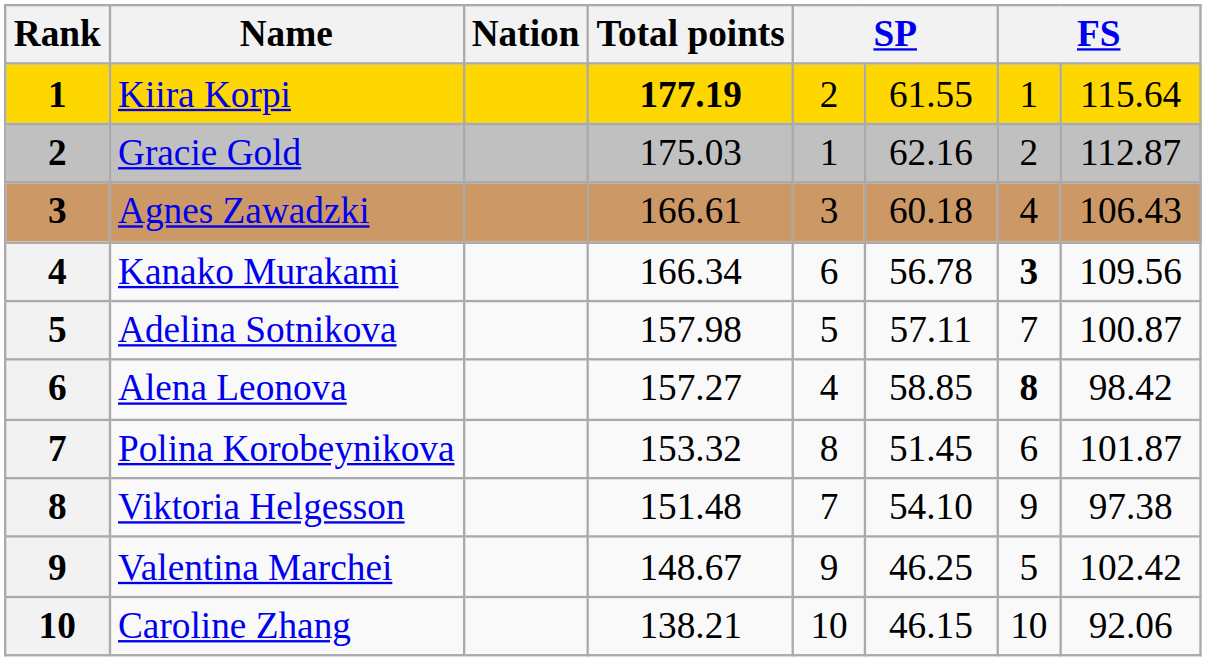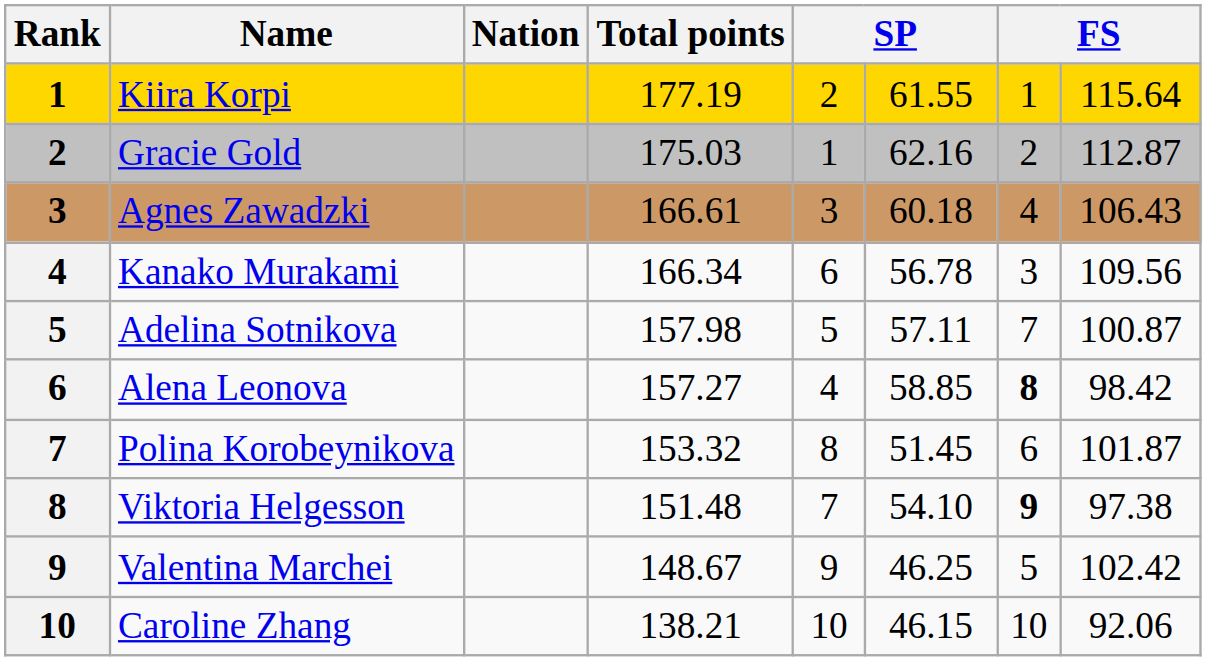 <table class="wikitable sortable">
 <tr>
 <th>Rank</th>
 <th>Name</th>
 <th>Nation</th>
 <th>Total points</th>
 <th colspan="2" width="80px"><a href='#'>SP</a></th>
 <th colspan="2" width="80px"><a href='#'>FS</a></th>
 </tr>
 <tr bgcolor="gold">
 <td align="center"><strong>1</strong></td>
 <td><a href='#'>Kiira Korpi</a></td>
 <td></td>
-<td align="center"><strong>177.19</strong></td>
+<td align="center">177.19</td>
 <td align="center">2</td>
 <td align="center">61.55</td>
 <td align="center">1</td>
 <td align="center">115.64</td>
 </tr>
 <tr bgcolor="silver">
 <td align="center"><strong>2</strong></td>
 <td><a href='#'>Gracie Gold</a></td>
 <td></td>
 <td align="center">175.03</td>
 <td align="center">1</td>
 <td align="center">62.16</td>
 <td align="center">2</td>
 <td align="center">112.87</td>
 </tr>
 <tr bgcolor="cc9966">
 <td align="center"><strong>3</strong></td>
 <td><a href='#'>Agnes Zawadzki</a></td>
 <td></td>
 <td align="center">166.61</td>
 <td align="center">3</td>
 <td align="center">60.18</td>
 <td align="center">4</td>
 <td align="center">106.43</td>
 </tr>
 <tr>
 <th>4</th>
 <td><a href='#'>Kanako Murakami</a></td>
 <td></td>
 <td align="center">166.34</td>
 <td align="center">6</td>
 <td align="center">56.78</td>
-<td align="center"><strong>3</strong></td>
+<td align="center">3</td>
 <td align="center">109.56</td>
 </tr>
 <tr>
 <th>5</th>
 <td><a href='#'>Adelina Sotnikova</a></td>
 <td></td>
 <td align="center">157.98</td>
 <td align="center">5</td>
 <td align="center">57.11</td>
 <td align="center">7</td>
 <td align="center">100.87</td>
 </tr>
 <tr>
 <th>6</th>
 <td><a href='#'>Alena Leonova</a></td>
 <td></td>
 <td align="center">157.27</td>
 <td align="center">4</td>
 <td align="center">58.85</td>
 <td align="center"><strong>8</strong></td>
 <td align="center">98.42</td>
 </tr>
 <tr>
 <th>7</th>
 <td><a href='#'>Polina Korobeynikova</a></td>
 <td></td>
 <td align="center">153.32</td>
 <td align="center">8</td>
 <td align="center">51.45</td>
 <td align="center">6</td>
 <td align="center">101.87</td>
 </tr>
 <tr>
 <th>8</th>
 <td><a href='#'>Viktoria Helgesson</a></td>
 <td></td>
 <td align="center">151.48</td>
 <td align="center">7</td>
 <td align="center">54.10</td>
-<td align="center">9</td>
+<td align="center"><strong>9</strong></td>
 <td align="center">97.38</td>
 </tr>
 <tr>
 <th>9</th>
 <td><a href='#'>Valentina Marchei</a></td>
 <td></td>
 <td align="center">148.67</td>
 <td align="center">9</td>
 <td align="center">46.25</td>
 <td align="center">5</td>
 <td align="center">102.42</td>
 </tr>
 <tr>
 <th>10</th>
 <td><a href='#'>Caroline Zhang</a></td>
 <td></td>
 <td align="center">138.21</td>
 <td align="center">10</td>
 <td align="center">46.15</td>
 <td align="center">10</td>
 <td align="center">92.06</td>
 </tr>
 </table>
